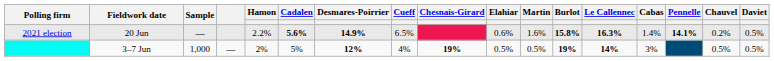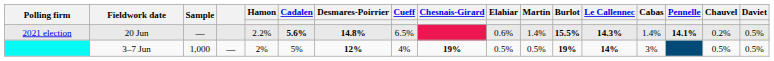 <table class="wikitable" style="text-align:center;font-size:70%;line-height:14px;">
 <tr>
 <th rowspan="2" style="width:100px;">Polling firm</th>
 <th rowspan="2" style="width:110px;">Fieldwork date</th>
 <th rowspan="2" style="width:35px;">Sample</th>
 <th rowspan="2" style="width:30px;"></th>
 <th>Hamon<br></th>
 <th><a href='#'>Cadalen</a><br></th>
 <th>Desmares-Poirrier<br></th>
 <th><a href='#'>Cueff</a><br></th>
 <th><a href='#'>Chesnais-Girard</a><br></th>
 <th>Elahiar<br></th>
 <th>Martin<br></th>
 <th>Burlot<br></th>
 <th><a href='#'>Le Callennec</a><br></th>
 <th>Cabas<br></th>
 <th><a href='#'>Pennelle</a><br></th>
 <th>Chauvel<br></th>
 <th>Daviet<br></th>
 </tr>
 <tr>
 <th style="background:"></th>
 <th style="background:"></th>
 <th style="background:"></th>
 <th style="background:"></th>
 <th style="background:"></th>
 <th style="background:"></th>
 <th style="background:"></th>
 <th style="background:"></th>
 <th style="background:"></th>
 <th style="background:"></th>
 <th style="background:"></th>
 <th style="background:"></th>
 <th style="background:"></th>
 </tr>
 <tr style="background:#E9E9E9;">
 <td><a href='#'>2021 election</a></td>
 <td data-sort-value="2021-06-20">20 Jun</td>
 <td>—</td>
 <td></td>
 <td>2.2%</td>
 <td><strong>5.6%</strong></td>
-<td><strong>14.9%</strong></td>
+<td><strong>14.8%</strong></td>
 <td>6.5%</td>
 <td style="background:#ED1651;"></td>
 <td>0.6%</td>
-<td>1.6%</td>
-<td><strong>15.8%</strong></td>
-<td><strong>16.3%</strong></td>
+<td>1.4%</td>
+<td><strong>15.5%</strong></td>
+<td><strong>14.3%</strong></td>
 <td>1.4%</td>
 <td><strong>14.1%</strong></td>
 <td>0.2%</td>
 <td>0.5%</td>
 </tr>
 <tr>
 <td style="background:#04FBF4;"></td>
 <td>3–7 Jun</td>
 <td>1,000</td>
 <td>—</td>
 <td>2%</td>
 <td>5%</td>
 <td><strong>12%</strong></td>
 <td>4%</td>
 <td><strong>19%</strong></td>
 <td>0.5%</td>
 <td>0.5%</td>
 <td><strong>19%</strong></td>
 <td><strong>14%</strong></td>
 <td>3%</td>
 <td style="background:#004A77;"></td>
 <td>0.5%</td>
 <td>0.5%</td>
 </tr>
 </table>
